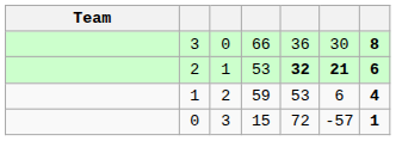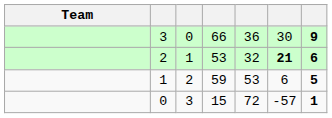 <table class="wikitable" style="text-align:center;">
 <tr>
 <th style="width:10.5em;">Team</th>
 <th style="width:1.5em;"></th>
 <th style="width:1.5em;"></th>
 <th style="width:2.0em;"></th>
 <th style="width:2.0em;"></th>
 <th style="width:2.0em;"></th>
 <th style="width:1.5em;"></th>
 </tr>
 <tr bgcolor=#cfc>
 <td align="left"></td>
 <td>3</td>
 <td>0</td>
 <td>66</td>
 <td>36</td>
 <td>30</td>
-<td><strong>8</strong></td>
+<td><strong>9</strong></td>
 </tr>
 <tr bgcolor=#cfc>
 <td align="left"></td>
 <td>2</td>
 <td>1</td>
 <td>53</td>
-<td><strong>32</strong></td>
+<td>32</td>
 <td><strong>21</strong></td>
 <td><strong>6</strong></td>
 </tr>
 <tr>
 <td align="left"></td>
 <td>1</td>
 <td>2</td>
 <td>59</td>
 <td>53</td>
 <td>6</td>
-<td><strong>4</strong></td>
+<td><strong>5</strong></td>
 </tr>
 <tr>
 <td align="left"></td>
 <td>0</td>
 <td>3</td>
 <td>15</td>
 <td>72</td>
 <td>-57</td>
 <td><strong>1</strong></td>
 </tr>
 </table>
